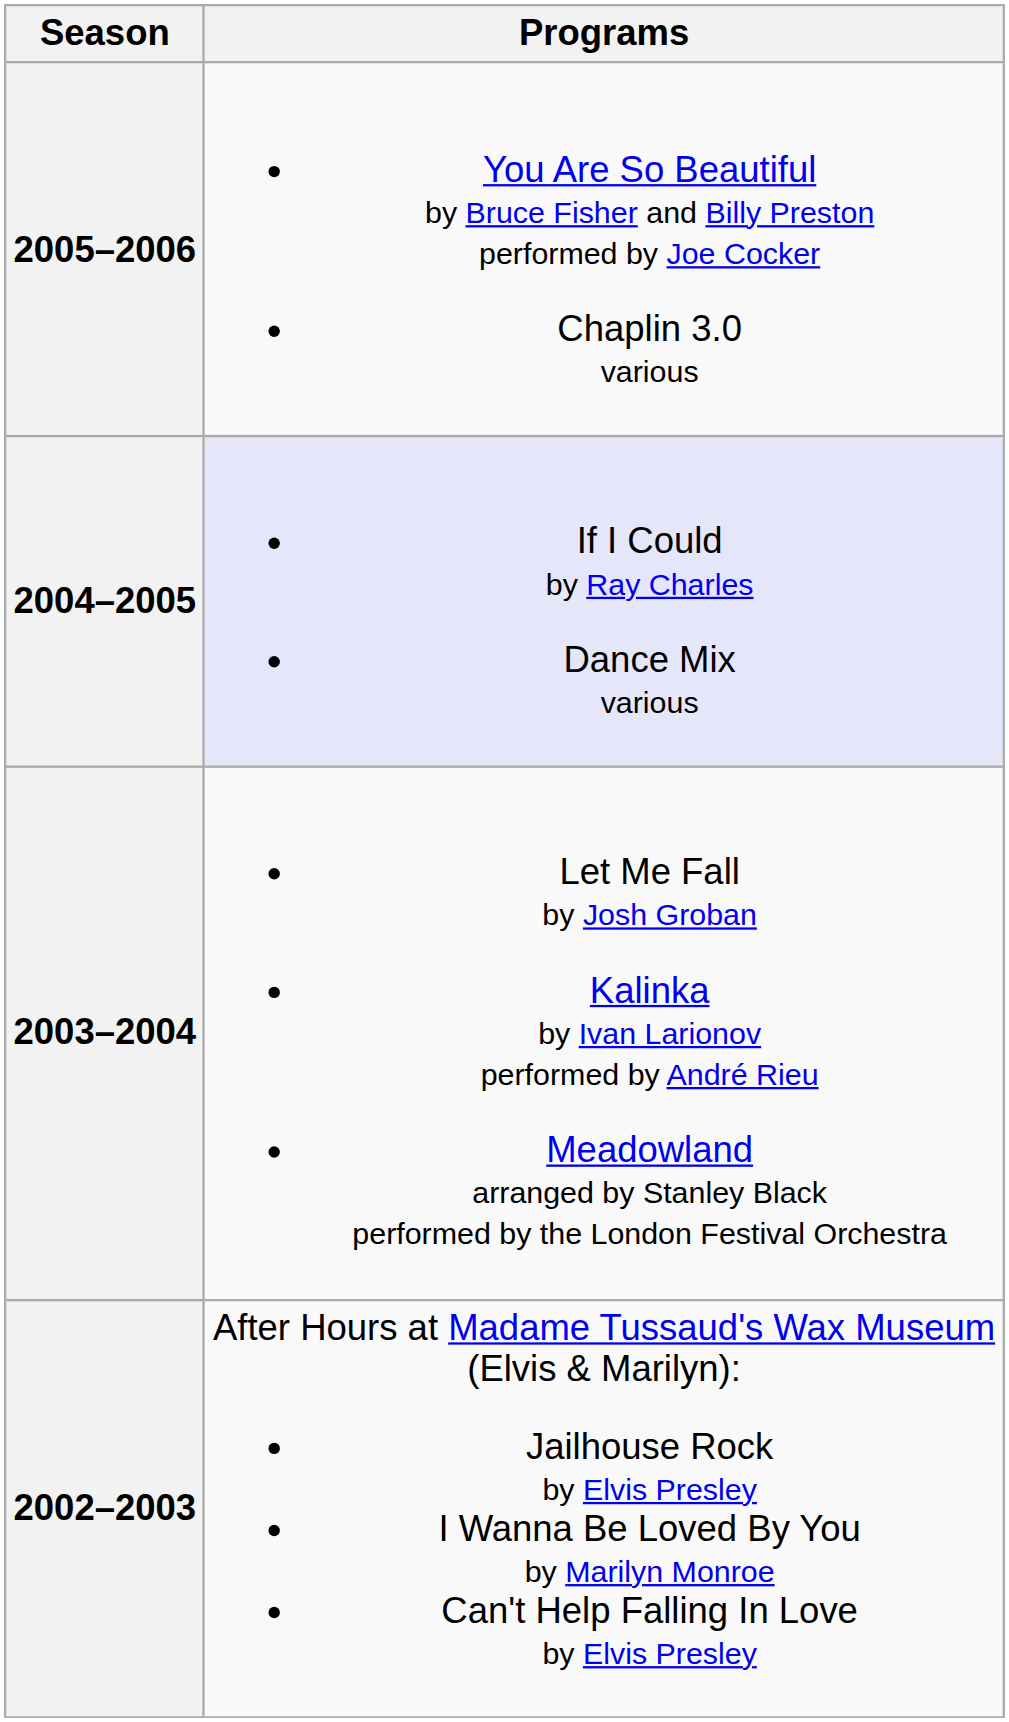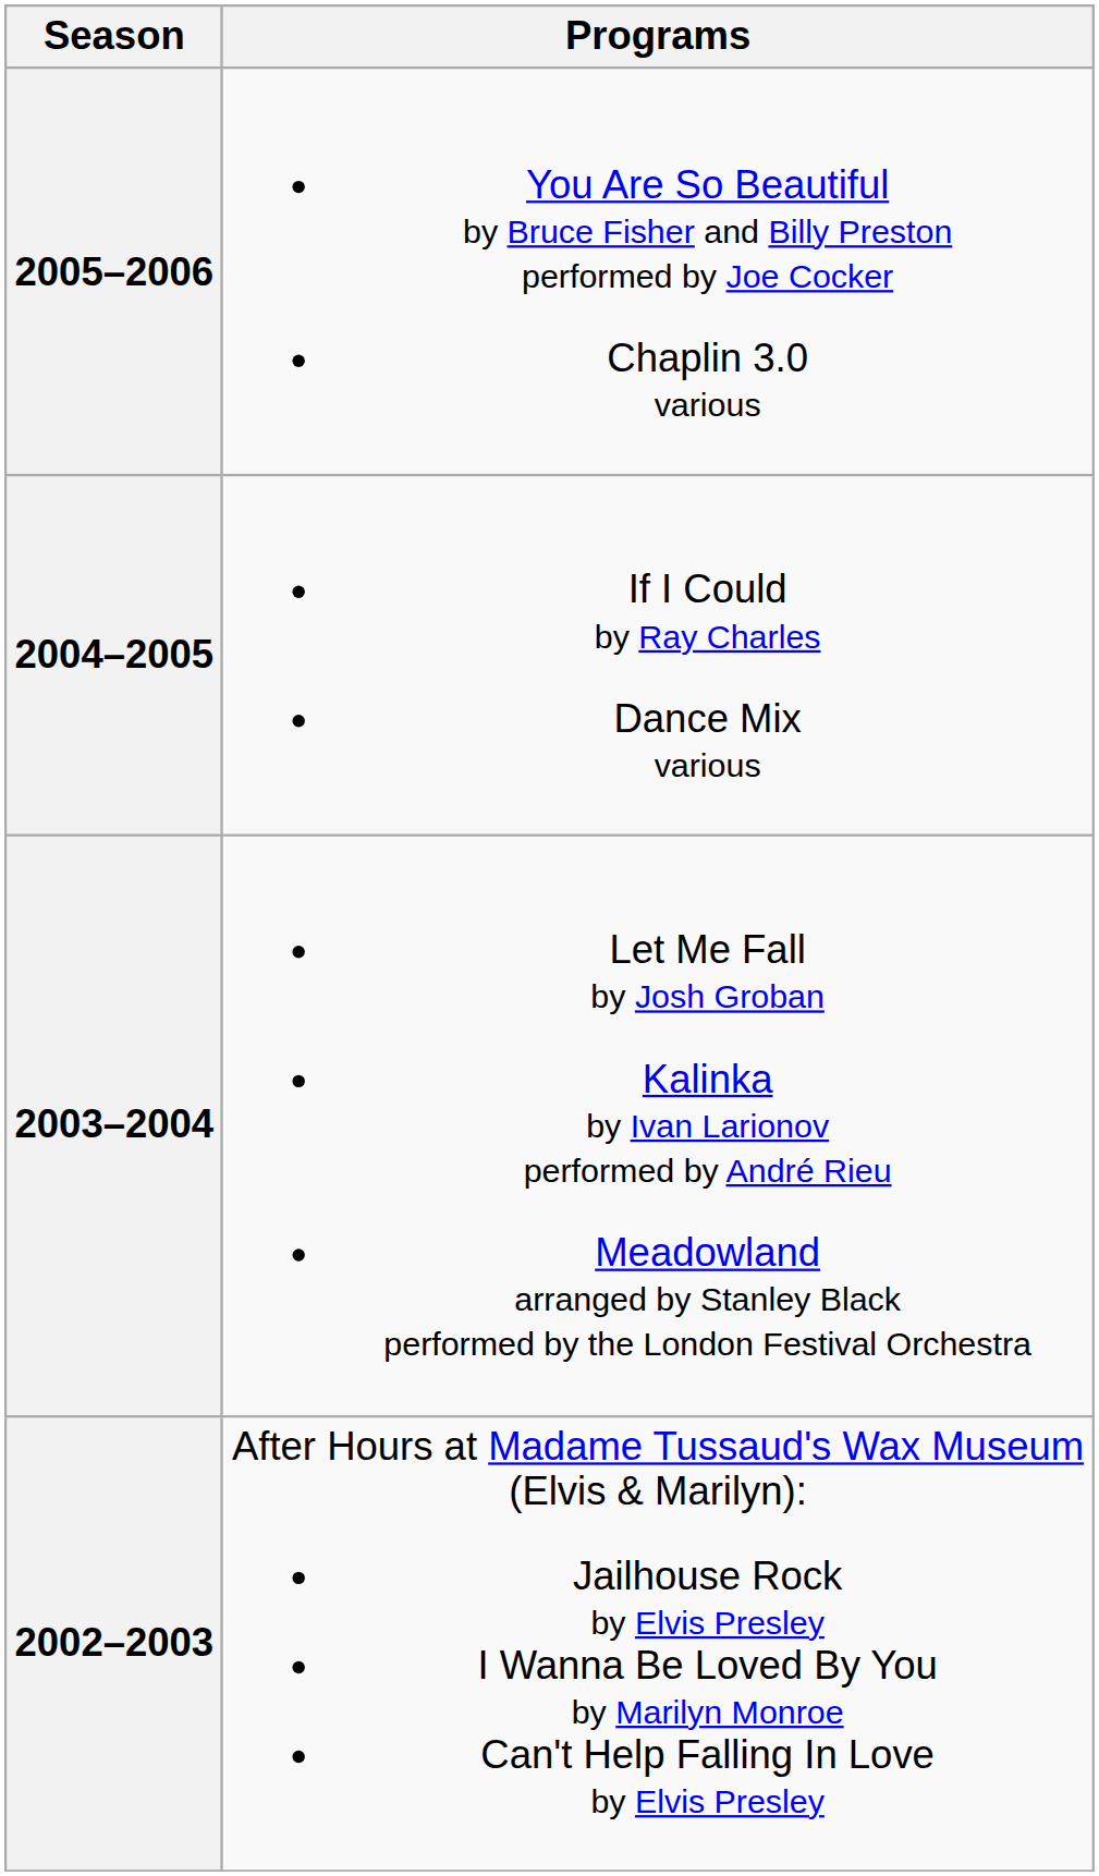 <table class="wikitable" style="text-align:center">
 <tr>
 <th>Season</th>
 <th>Programs</th>
 </tr>
 <tr>
 <th>2005–2006</th>
 <td><br><ul><li><a href='#'>You Are So Beautiful</a> <br><small> by <a href='#'>Bruce Fisher</a> and <a href='#'>Billy Preston</a> <br> performed by <a href='#'>Joe Cocker</a> </small></li></ul><ul><li>Chaplin 3.0 <br><small> various </small></li></ul></td>
 </tr>
 <tr>
 <th>2004–2005</th>
-<td style="background: lavender;"><br><ul><li>If I Could <br><small> by <a href='#'>Ray Charles</a> </small></li></ul><ul><li>Dance Mix <br><small> various </small></li></ul></td>
+<td><br><ul><li>If I Could <br><small> by <a href='#'>Ray Charles</a> </small></li></ul><ul><li>Dance Mix <br><small> various </small></li></ul></td>
 </tr>
 <tr>
 <th>2003–2004</th>
 <td><br><ul><li>Let Me Fall <br><small> by <a href='#'>Josh Groban</a> </small></li></ul><ul><li><a href='#'>Kalinka</a> <br><small> by <a href='#'>Ivan Larionov</a> <br> performed by <a href='#'>André Rieu</a> </small></li></ul><ul><li><a href='#'>Meadowland</a> <br><small> arranged by Stanley Black <br> performed by the London Festival Orchestra </small></li></ul></td>
 </tr>
 <tr>
 <th>2002–2003</th>
 <td>After Hours at <a href='#'>Madame Tussaud's Wax Museum</a> <br> (Elvis & Marilyn):<br><ul><li>Jailhouse Rock <br><small> by <a href='#'>Elvis Presley</a> </small></li><li>I Wanna Be Loved By You <br><small> by <a href='#'>Marilyn Monroe</a> </small></li><li>Can't Help Falling In Love <br><small> by <a href='#'>Elvis Presley</a> </small></li></ul></td>
 </tr>
 </table>
